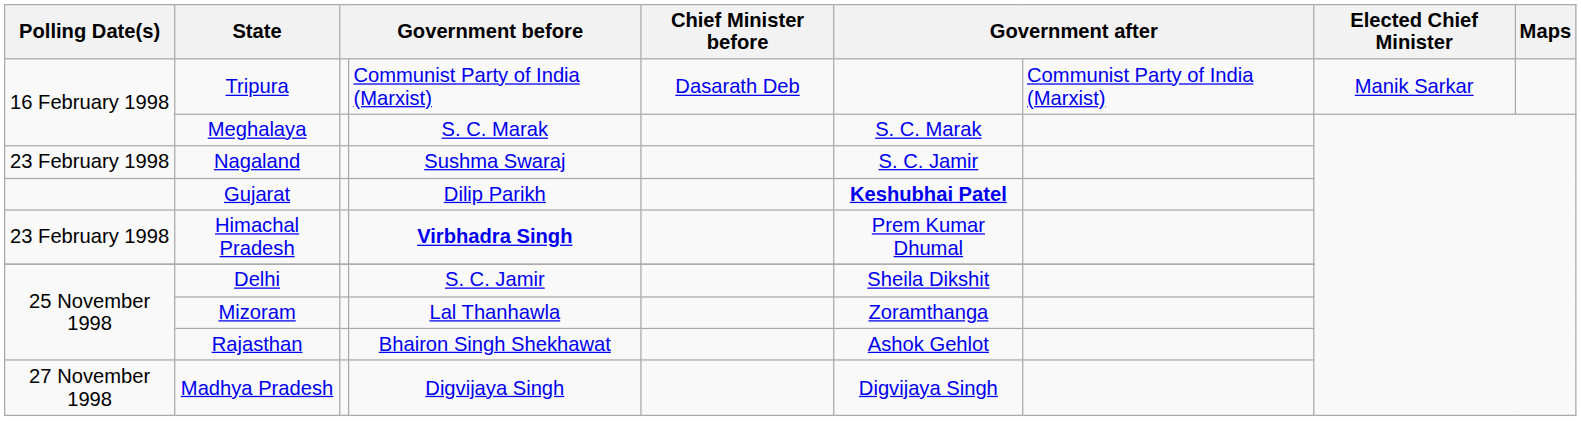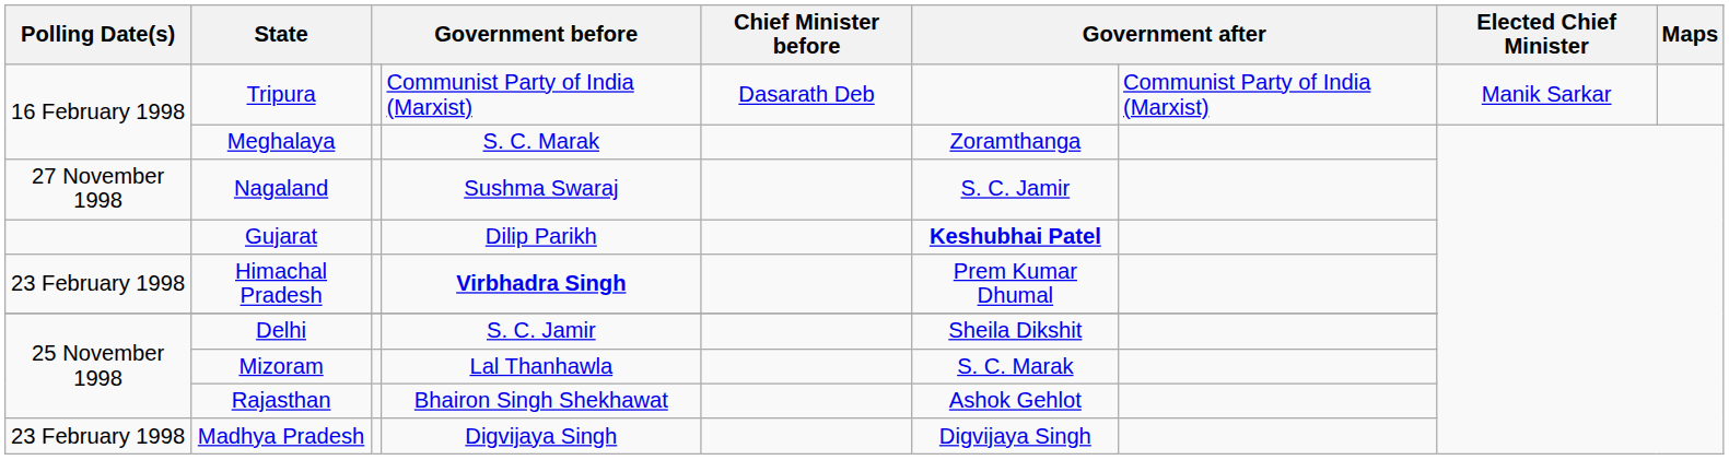 <table class="wikitable sortable">
 <tr>
 <th>Polling Date(s)</th>
 <th>State</th>
 <th colspan="2">Government before</th>
 <th>Chief Minister before</th>
 <th colspan="2">Government after</th>
 <th>Elected Chief Minister</th>
 <th>Maps</th>
 </tr>
 <tr style="text-align:center;">
 <td rowspan="2">16 February 1998</td>
 <td><a href='#'>Tripura</a></td>
 <td></td>
 <td align="left"><a href='#'>Communist Party of India (Marxist)</a></td>
 <td><a href='#'>Dasarath Deb</a></td>
 <td></td>
 <td align="left"><a href='#'>Communist Party of India (Marxist)</a></td>
 <td><a href='#'>Manik Sarkar</a></td>
 <td></td>
 </tr>
 <tr style="text-align:center;">
 <td><a href='#'>Meghalaya</a></td>
 <td></td>
 <td><a href='#'>S. C. Marak</a></td>
 <td></td>
-<td><a href='#'>S. C. Marak</a></td>
+<td><a href='#'>Zoramthanga</a></td>
 <td></td>
 </tr>
 <tr style="text-align:center;">
-<td>23 February 1998</td>
+<td>27 November 1998</td>
 <td><a href='#'>Nagaland</a></td>
 <td></td>
 <td><a href='#'>Sushma Swaraj</a></td>
 <td></td>
 <td><a href='#'>S. C. Jamir</a></td>
 <td></td>
 </tr>
 <tr style="text-align:center;">
 <td></td>
 <td><a href='#'>Gujarat</a></td>
 <td></td>
 <td><a href='#'>Dilip Parikh</a></td>
 <td></td>
 <td><strong><a href='#'>Keshubhai Patel</a></strong></td>
 <td></td>
 </tr>
 <tr style="text-align:center;">
 <td>23 February 1998</td>
 <td><a href='#'>Himachal Pradesh</a></td>
 <td></td>
 <td><strong><a href='#'>Virbhadra Singh</a></strong></td>
 <td></td>
 <td><a href='#'>Prem Kumar Dhumal</a></td>
 <td></td>
 </tr>
 <tr>
 </tr>
 <tr style="text-align:center;">
 <td rowspan="3">25 November 1998</td>
 <td><a href='#'>Delhi</a></td>
 <td></td>
 <td><a href='#'>S. C. Jamir</a></td>
 <td></td>
 <td><a href='#'>Sheila Dikshit</a></td>
 <td></td>
 </tr>
 <tr style="text-align:center;">
 <td><a href='#'>Mizoram</a></td>
 <td></td>
 <td><a href='#'>Lal Thanhawla</a></td>
 <td></td>
-<td><a href='#'>Zoramthanga</a></td>
+<td><a href='#'>S. C. Marak</a></td>
 <td></td>
 </tr>
 <tr style="text-align:center;">
 <td><a href='#'>Rajasthan</a></td>
 <td></td>
 <td><a href='#'>Bhairon Singh Shekhawat</a></td>
 <td></td>
 <td><a href='#'>Ashok Gehlot</a></td>
 <td></td>
 </tr>
 <tr style="text-align:center;">
-<td>27 November 1998</td>
+<td>23 February 1998</td>
 <td><a href='#'>Madhya Pradesh</a></td>
 <td></td>
 <td><a href='#'>Digvijaya Singh</a></td>
 <td></td>
 <td><a href='#'>Digvijaya Singh</a></td>
 <td></td>
 </tr>
 </table>
